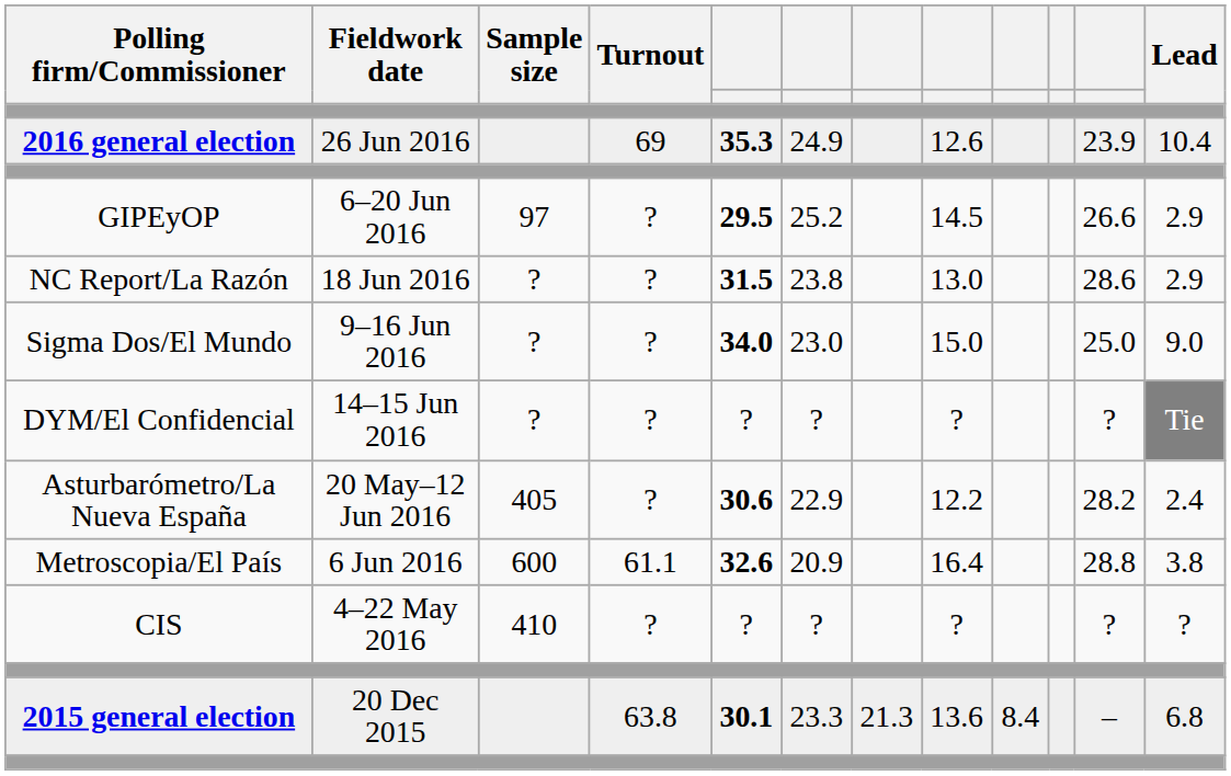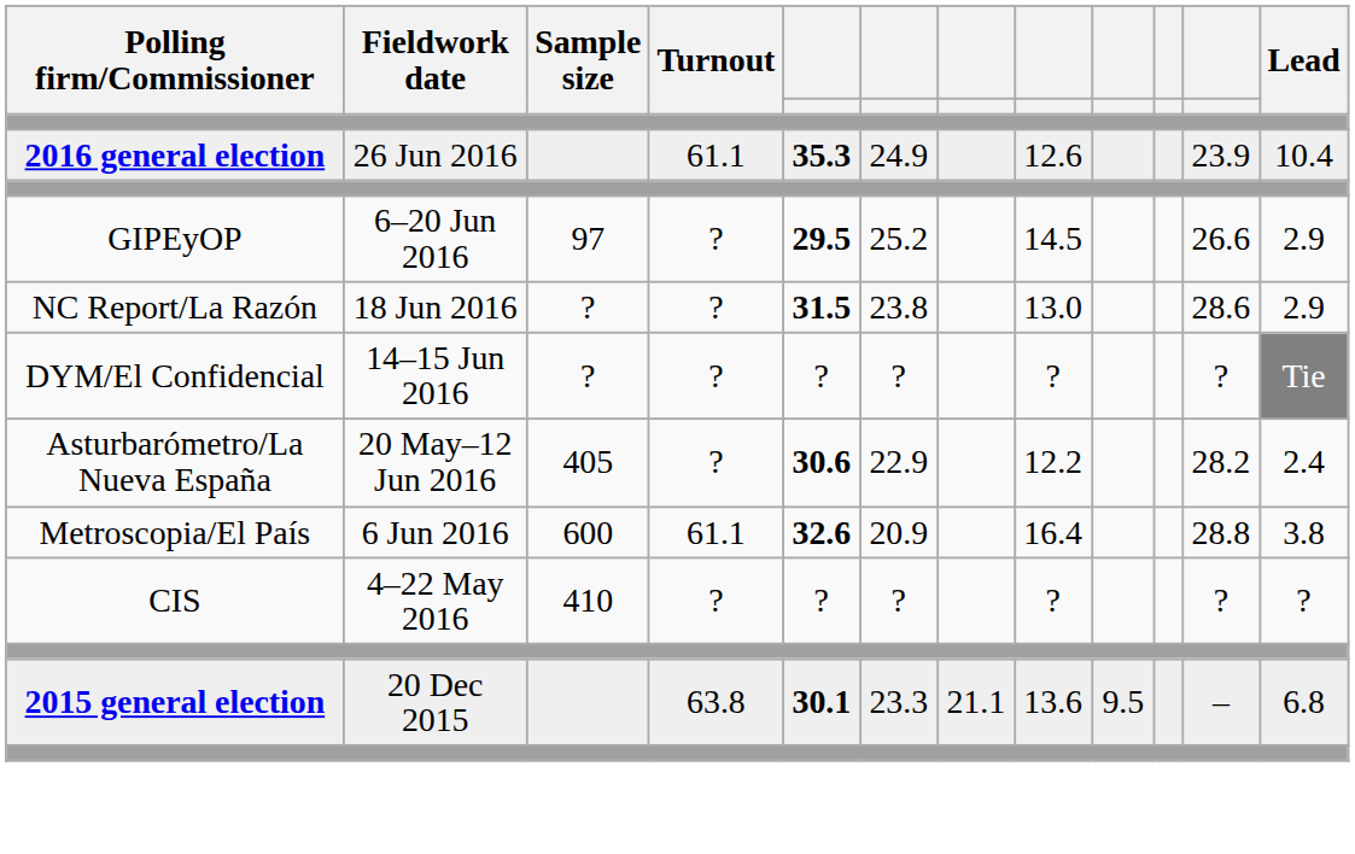 <table class="wikitable collapsible collapsed" style="text-align:center; font-size:95%; line-height:16px;">
 <tr style="height:42px; background-color:#E9E9E9">
 <th style="width:250px;" rowspan="2">Polling firm/Commissioner</th>
 <th style="width:125px;" rowspan="2">Fieldwork date</th>
 <th style="width:50px;" rowspan="2">Sample size</th>
 <th style="width:45px;" rowspan="2">Turnout</th>
 <th style="width:35px;"></th>
 <th style="width:35px;"></th>
 <th style="width:35px;"></th>
 <th style="width:35px;"></th>
 <th style="width:35px;"></th>
 <th style="width:35px;"></th>
 <th style="width:35px;"></th>
 <th style="width:30px;" rowspan="2">Lead</th>
 </tr>
 <tr>
 <th style="color:inherit;background:"></th>
 <th style="color:inherit;background:"></th>
 <th style="color:inherit;background:"></th>
 <th style="color:inherit;background:"></th>
 <th style="color:inherit;background:"></th>
 <th style="color:inherit;background:"></th>
 <th style="color:inherit;background:"></th>
 </tr>
 <tr>
 <td colspan="12" style="background:#A0A0A0"></td>
 </tr>
 <tr style="background:#EFEFEF;">
 <td><strong><a href='#'>2016 general election</a></strong></td>
 <td>26 Jun 2016</td>
 <td></td>
-<td>69</td>
+<td>61.1</td>
 <td><strong>35.3</strong><br></td>
 <td>24.9<br></td>
 <td></td>
 <td>12.6<br></td>
 <td></td>
 <td></td>
 <td>23.9<br></td>
 <td style="background:">10.4</td>
 </tr>
 <tr>
 <td colspan="12" style="background:#A0A0A0"></td>
 </tr>
 <tr>
 <td>GIPEyOP</td>
 <td>6–20 Jun 2016</td>
 <td>97</td>
 <td>?</td>
 <td><strong>29.5</strong><br></td>
 <td>25.2<br></td>
 <td></td>
 <td>14.5<br></td>
 <td></td>
 <td></td>
 <td>26.6<br></td>
 <td style="background:">2.9</td>
 </tr>
 <tr>
 <td>NC Report/La Razón</td>
 <td>18 Jun 2016</td>
 <td>?</td>
 <td>?</td>
 <td><strong>31.5</strong><br></td>
 <td>23.8<br></td>
 <td></td>
 <td>13.0<br></td>
 <td></td>
 <td></td>
 <td>28.6<br></td>
 <td style="background:">2.9</td>
-</tr>
-<tr>
-<td>Sigma Dos/El Mundo</td>
-<td>9–16 Jun 2016</td>
-<td>?</td>
-<td>?</td>
-<td><strong>34.0</strong><br></td>
-<td>23.0<br></td>
-<td></td>
-<td>15.0<br></td>
-<td></td>
-<td></td>
-<td>25.0<br></td>
-<td style="background:">9.0</td>
 </tr>
 <tr>
 <td>DYM/El Confidencial</td>
 <td>14–15 Jun 2016</td>
 <td>?</td>
 <td>?</td>
 <td>?<br></td>
 <td>?<br></td>
 <td></td>
 <td>?<br></td>
 <td></td>
 <td></td>
 <td>?<br></td>
 <td style="background:gray;color:white;">Tie</td>
 </tr>
 <tr>
 <td>Asturbarómetro/La Nueva España<br></td>
 <td>20 May–12 Jun 2016</td>
 <td>405</td>
 <td>?</td>
 <td><strong>30.6</strong><br></td>
 <td>22.9<br></td>
 <td></td>
 <td>12.2<br></td>
 <td></td>
 <td></td>
 <td>28.2<br></td>
 <td style="background:">2.4</td>
 </tr>
 <tr>
 <td>Metroscopia/El País</td>
 <td>6 Jun 2016</td>
 <td>600</td>
 <td>61.1</td>
 <td><strong>32.6</strong><br></td>
 <td>20.9<br></td>
 <td></td>
 <td>16.4<br></td>
 <td></td>
 <td></td>
 <td>28.8<br></td>
 <td style="background:">3.8</td>
 </tr>
 <tr>
 <td>CIS</td>
 <td>4–22 May 2016</td>
 <td>410</td>
 <td>?</td>
 <td>?<br></td>
 <td>?<br></td>
 <td></td>
 <td>?<br></td>
 <td></td>
 <td></td>
 <td>?<br></td>
 <td style="background:">?</td>
 </tr>
 <tr>
 <td colspan="12" style="background:#A0A0A0"></td>
 </tr>
 <tr style="background:#EFEFEF;">
 <td><strong><a href='#'>2015 general election</a></strong></td>
 <td>20 Dec 2015</td>
 <td></td>
 <td>63.8</td>
 <td><strong>30.1</strong><br></td>
 <td>23.3<br></td>
-<td>21.3<br></td>
+<td>21.1<br></td>
 <td>13.6<br></td>
-<td>8.4<br></td>
+<td>9.5<br></td>
 <td></td>
 <td>–</td>
 <td style="background:">6.8</td>
 </tr>
 <tr>
 <td colspan="12" style="background:#A0A0A0"></td>
 </tr>
 </table>
